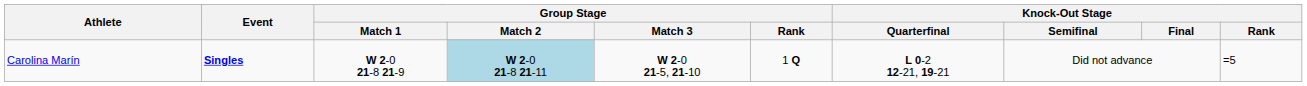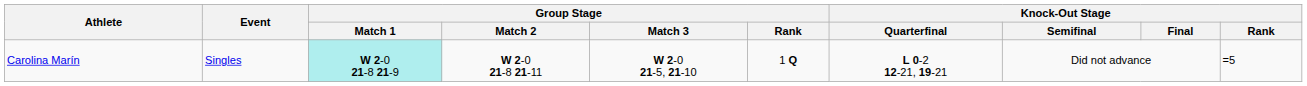 <table class="wikitable" width="85%" style="text-align:left; font-size:90%">
 <tr>
 <th rowspan=2>Athlete</th>
 <th rowspan=2>Event</th>
 <th colspan=4>Group Stage</th>
 <th colspan=4>Knock-Out Stage</th>
 </tr>
 <tr>
 <th>Match 1</th>
 <th>Match 2</th>
 <th>Match 3</th>
 <th>Rank</th>
 <th>Quarterfinal</th>
 <th>Semifinal</th>
 <th>Final</th>
 <th>Rank</th>
 </tr>
 <tr>
 <td><a href='#'>Carolina Marín</a></td>
-<td><strong><a href='#'>Singles</a></strong></td>
-<td align=center><br><strong>W</strong> <strong>2</strong>-0<br> <strong>21</strong>-8 <strong>21</strong>-9</td>
-<td align=center style="background: lightblue;"><br><strong>W</strong> <strong>2</strong>-0<br> <strong>21</strong>-8 <strong>21</strong>-11</td>
+<td><a href='#'>Singles</a></td>
+<td align=center style="background: paleturquoise;"><br><strong>W</strong> <strong>2</strong>-0<br> <strong>21</strong>-8 <strong>21</strong>-9</td>
+<td align=center><br><strong>W</strong> <strong>2</strong>-0<br> <strong>21</strong>-8 <strong>21</strong>-11</td>
 <td align=center><br><strong>W</strong> <strong>2</strong>-0<br> <strong>21</strong>-5, <strong>21</strong>-10</td>
 <td align=center>1 <strong>Q</strong></td>
 <td align=center><br><strong>L</strong> <strong>0</strong>-2<br> <strong>12</strong>-21, <strong>19</strong>-21</td>
 <td align=center colspan=2>Did not advance</td>
 <td>=5</td>
 </tr>
 </table>
